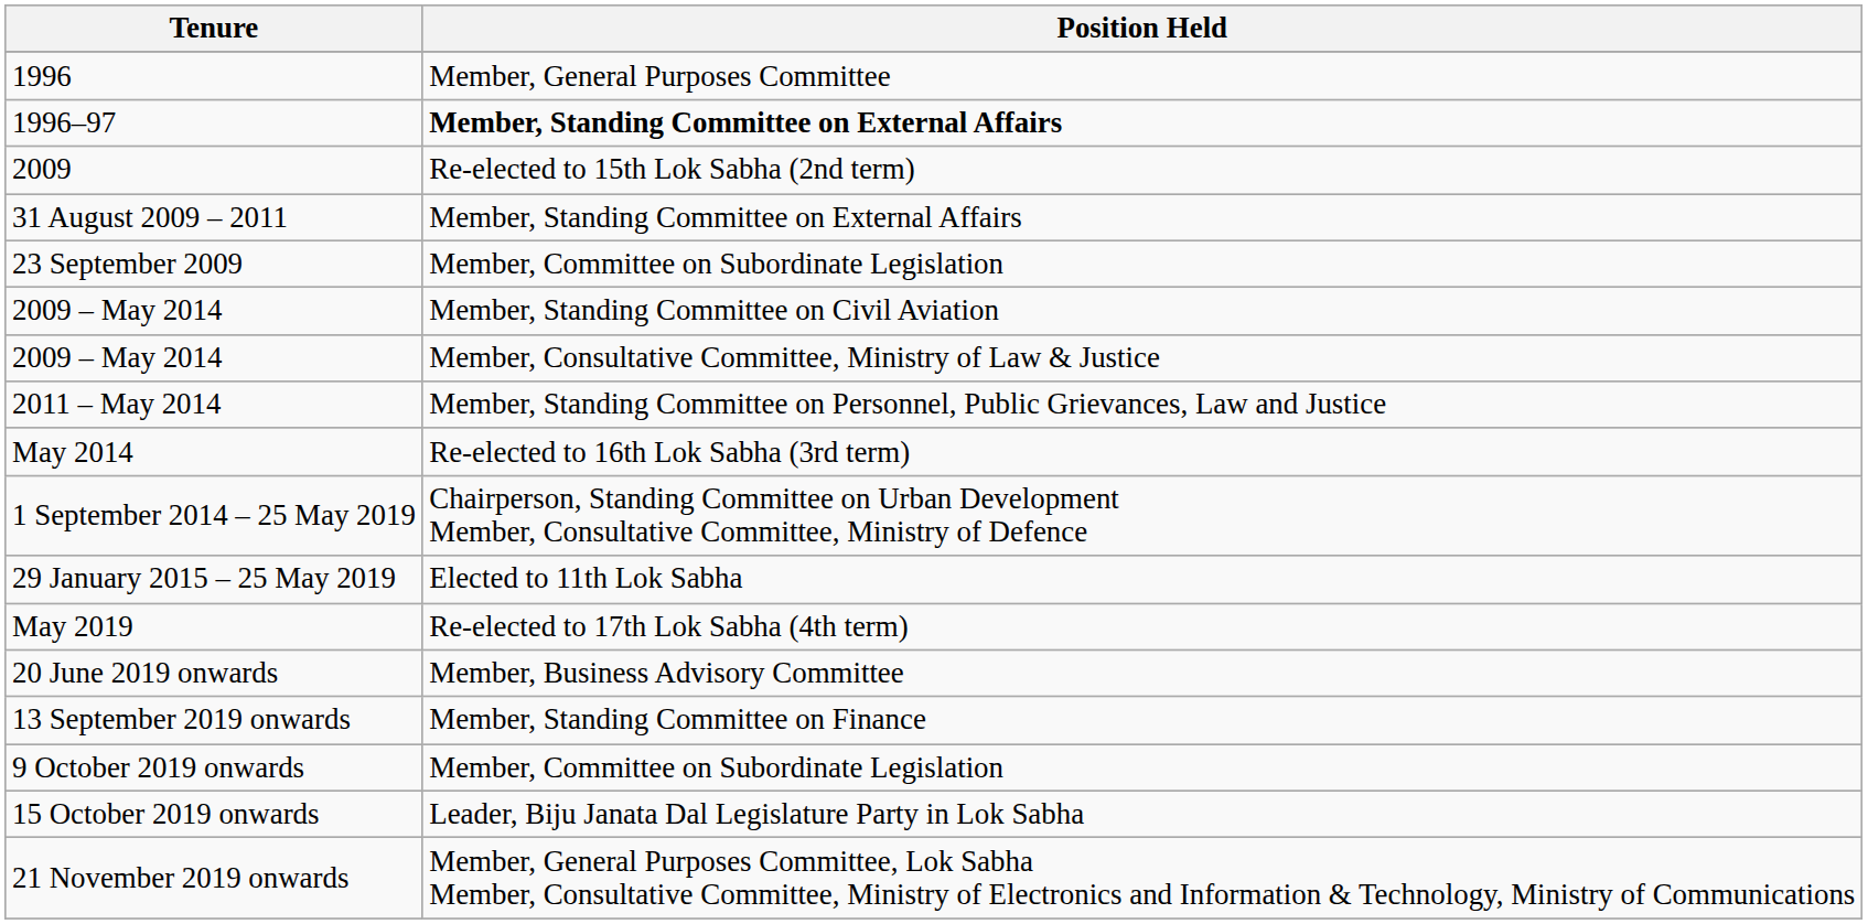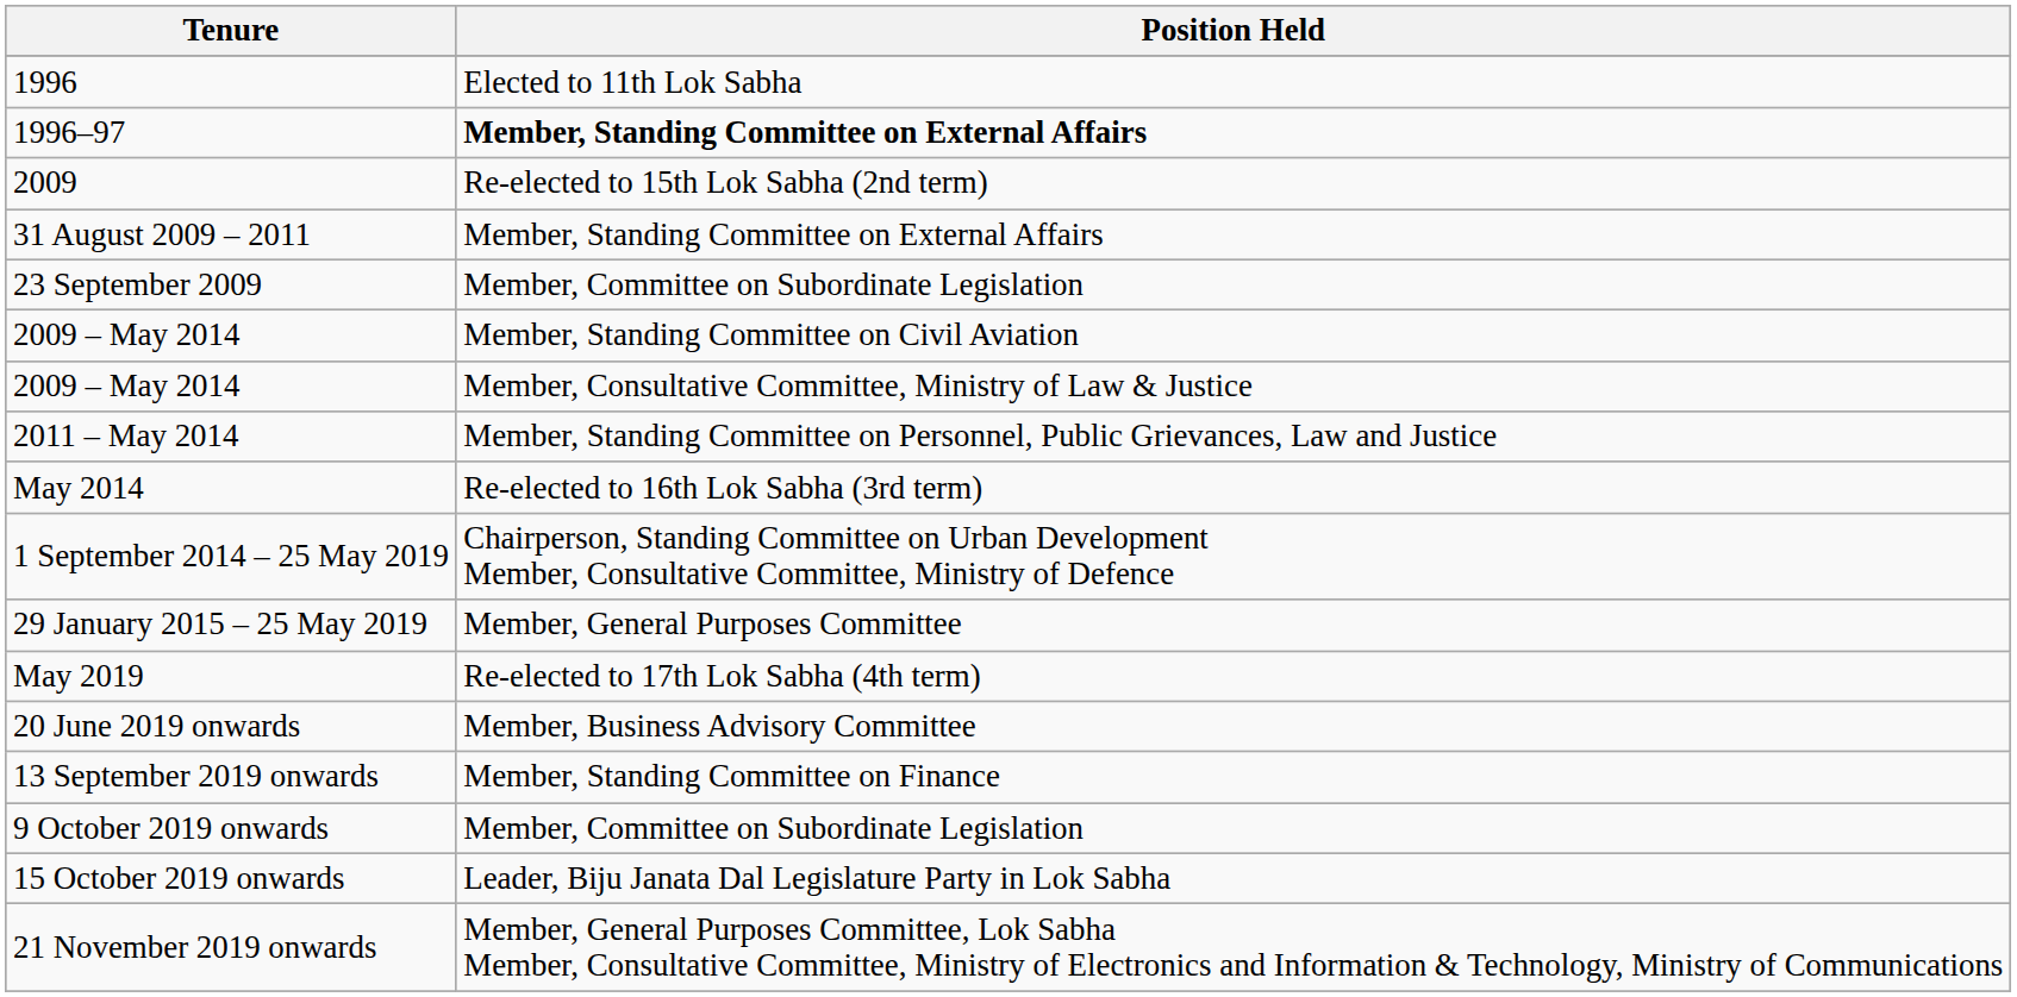 <table class="wikitable sortable">
 <tr>
 <th>Tenure</th>
 <th>Position Held</th>
 </tr>
 <tr>
 </tr>
 <tr>
 <td>1996</td>
-<td>Member, General Purposes Committee</td>
+<td>Elected to 11th Lok Sabha</td>
 </tr>
 <tr>
 <td>1996–97</td>
 <td><strong>Member, Standing Committee on External Affairs</strong></td>
 </tr>
 <tr>
 <td>2009</td>
 <td>Re-elected to 15th Lok Sabha (2nd term)</td>
 </tr>
 <tr>
 <td>31 August 2009 – 2011</td>
 <td>Member, Standing Committee on External Affairs</td>
 </tr>
 <tr>
 <td>23 September 2009</td>
 <td>Member, Committee on Subordinate Legislation</td>
 </tr>
 <tr>
 <td>2009 – May 2014</td>
 <td>Member, Standing Committee on Civil Aviation</td>
 </tr>
 <tr>
 <td>2009 – May 2014</td>
 <td>Member, Consultative Committee, Ministry of Law & Justice</td>
 </tr>
 <tr>
 <td>2011 – May 2014</td>
 <td>Member, Standing Committee on Personnel, Public Grievances, Law and Justice</td>
 </tr>
 <tr>
 <td>May 2014</td>
 <td>Re-elected to 16th Lok Sabha (3rd term)</td>
 </tr>
 <tr>
 <td>1 September 2014 – 25 May 2019</td>
 <td>Chairperson, Standing Committee on Urban Development<br>	 Member, Consultative Committee, Ministry of Defence</td>
 </tr>
 <tr>
 <td>29 January 2015 – 25 May 2019</td>
-<td>Elected to 11th Lok Sabha</td>
+<td>Member, General Purposes Committee</td>
 </tr>
 <tr>
 <td>May 2019</td>
 <td>Re-elected to 17th Lok Sabha (4th term)</td>
 </tr>
 <tr>
 <td>20 June 2019 onwards</td>
 <td>Member, Business Advisory Committee</td>
 </tr>
 <tr>
 <td>13 September 2019 onwards</td>
 <td>Member, Standing Committee on Finance</td>
 </tr>
 <tr>
 <td>9 October 2019 onwards</td>
 <td>Member, Committee on Subordinate Legislation</td>
 </tr>
 <tr>
 <td>15 October 2019 onwards</td>
 <td>Leader, Biju Janata Dal Legislature Party in Lok Sabha</td>
 </tr>
 <tr>
 <td>21 November 2019 onwards</td>
 <td>Member, General Purposes Committee, Lok Sabha<br>	  Member, Consultative Committee, Ministry of Electronics and Information & Technology, Ministry of Communications</td>
 </tr>
 </table>
